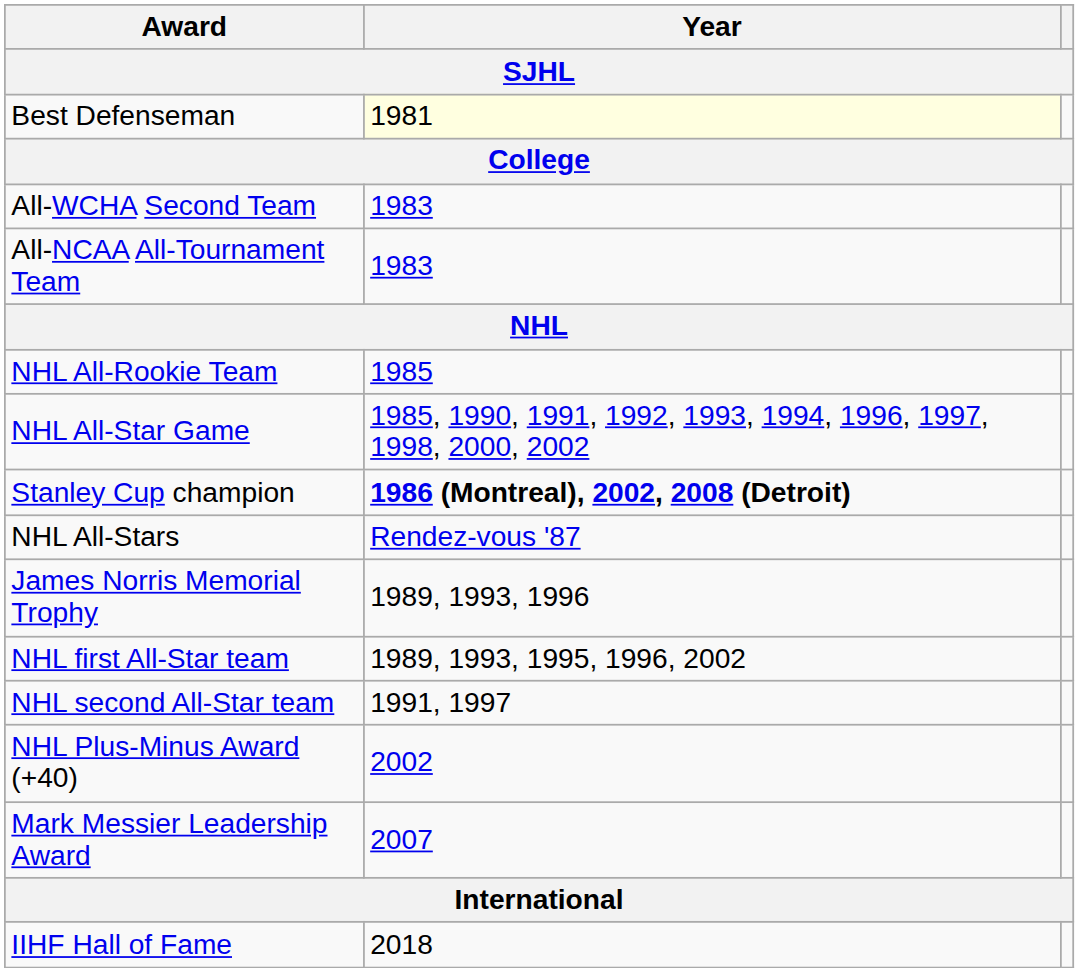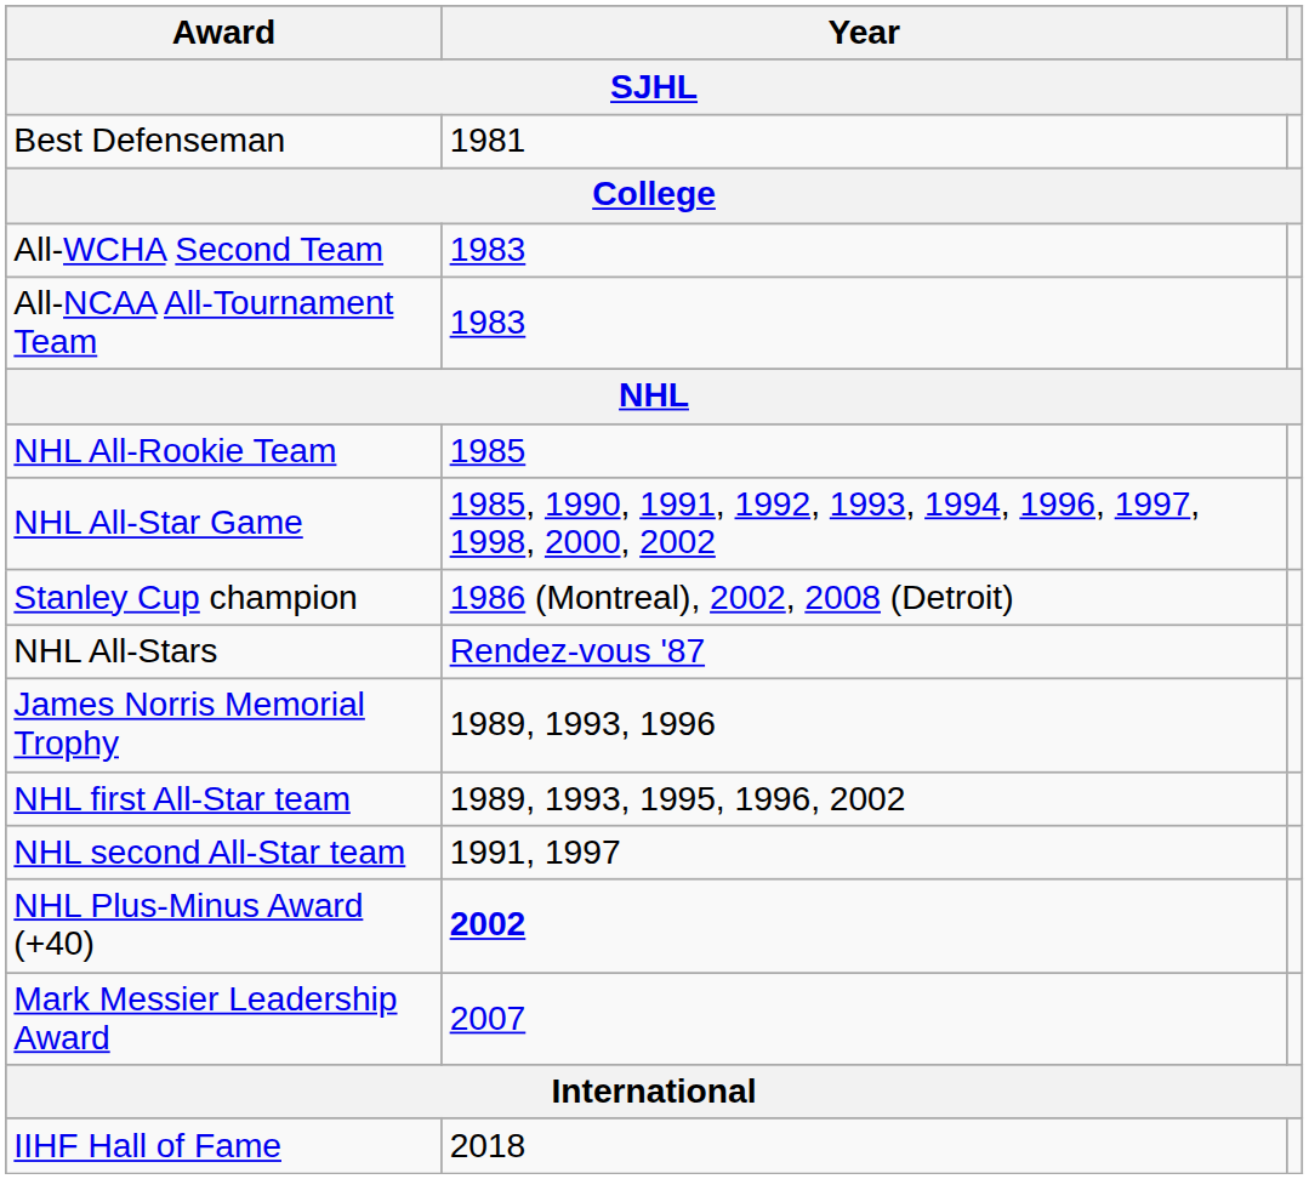 <table class="wikitable">
 <tr>
 <th>Award</th>
 <th>Year</th>
 <th></th>
 </tr>
 <tr ALIGN="center" bgcolor="#e0e0e0">
 <th colspan="3"><a href='#'>SJHL</a></th>
 </tr>
 <tr>
 <td>Best Defenseman</td>
-<td style="background: lightyellow;">1981</td>
+<td>1981</td>
 <td></td>
 </tr>
 <tr ALIGN="center" bgcolor="#e0e0e0">
 <th colspan="3"><a href='#'>College</a></th>
 </tr>
 <tr>
 <td>All-<a href='#'>WCHA</a> <a href='#'>Second Team</a></td>
 <td><a href='#'>1983</a></td>
 <td></td>
 </tr>
 <tr>
 <td>All-<a href='#'>NCAA</a> <a href='#'>All-Tournament Team</a></td>
 <td><a href='#'>1983</a></td>
 <td></td>
 </tr>
 <tr ALIGN="center" bgcolor="#e0e0e0">
 <th colspan="3"><a href='#'>NHL</a></th>
 </tr>
 <tr>
 <td><a href='#'>NHL All-Rookie Team</a></td>
 <td><a href='#'>1985</a></td>
 <td></td>
 </tr>
 <tr>
 <td><a href='#'>NHL All-Star Game</a></td>
 <td><a href='#'>1985</a>, <a href='#'>1990</a>, <a href='#'>1991</a>, <a href='#'>1992</a>, <a href='#'>1993</a>, <a href='#'>1994</a>, <a href='#'>1996</a>, <a href='#'>1997</a>, <a href='#'>1998</a>, <a href='#'>2000</a>, <a href='#'>2002</a></td>
 <td></td>
 </tr>
 <tr>
 <td><a href='#'>Stanley Cup</a> champion</td>
-<td><strong><a href='#'>1986</a> (Montreal), <a href='#'>2002</a>, <a href='#'>2008</a> (Detroit)</strong></td>
+<td><a href='#'>1986</a> (Montreal), <a href='#'>2002</a>, <a href='#'>2008</a> (Detroit)</td>
 <td></td>
 </tr>
 <tr>
 <td>NHL All-Stars</td>
 <td><a href='#'>Rendez-vous '87</a></td>
 <td></td>
 </tr>
 <tr>
 <td><a href='#'>James Norris Memorial Trophy</a></td>
 <td>1989, 1993, 1996</td>
 <td></td>
 </tr>
 <tr>
 <td><a href='#'>NHL first All-Star team</a></td>
 <td>1989, 1993, 1995, 1996, 2002</td>
 <td></td>
 </tr>
 <tr>
 <td><a href='#'>NHL second All-Star team</a></td>
 <td>1991, 1997</td>
 <td></td>
 </tr>
 <tr>
 <td><a href='#'>NHL Plus-Minus Award</a> (+40)</td>
-<td><a href='#'>2002</a></td>
+<td><strong><a href='#'>2002</a></strong></td>
 <td></td>
 </tr>
 <tr>
 <td><a href='#'>Mark Messier Leadership Award</a></td>
 <td><a href='#'>2007</a></td>
 <td></td>
 </tr>
 <tr ALIGN="center" bgcolor="#e0e0e0">
 <th colspan="3">International</th>
 </tr>
 <tr>
 <td><a href='#'>IIHF Hall of Fame</a></td>
 <td>2018</td>
 <td></td>
 </tr>
 </table>
